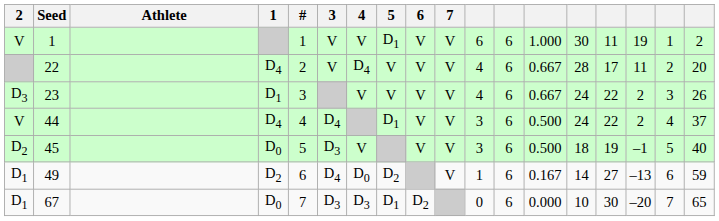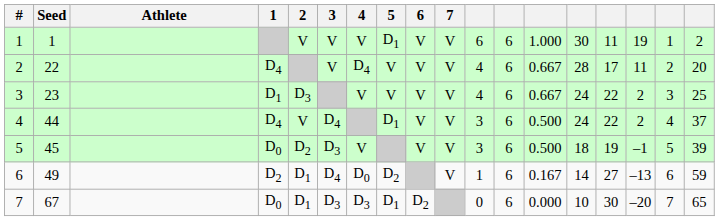 <table class="wikitable" style="text-align:center">
 <tr>
-<th width="25">2</th>
+<th width="25">#</th>
 <th width="25">Seed</th>
 <th width="200">Athlete</th>
 <th width="25">1</th>
-<th width="25">#</th>
+<th width="25">2</th>
 <th width="25">3</th>
 <th width="25">4</th>
 <th width="25">5</th>
 <th width="25">6</th>
 <th width="25">7</th>
 <th width="25"></th>
 <th width="25"></th>
 <th width="40"></th>
 <th width="25"></th>
 <th width="25"></th>
 <th width="25"></th>
 <th width="25"></th>
 <th width="25"></th>
 </tr>
 <tr bgcolor="#ccffcc">
-<td>V</td>
+<td>1</td>
 <td>1</td>
 <td align=left></td>
 <td bgcolor="#cccccc"></td>
-<td>1</td>
+<td>V</td>
 <td>V</td>
 <td>V</td>
 <td>D<sub>1</sub></td>
 <td>V</td>
 <td>V</td>
 <td>6</td>
 <td>6</td>
 <td>1.000</td>
 <td>30</td>
 <td>11</td>
 <td>19</td>
 <td>1</td>
 <td>2</td>
 </tr>
 <tr bgcolor="#ccffcc">
-<td bgcolor="#cccccc"></td>
+<td>2</td>
 <td>22</td>
 <td align=left></td>
 <td>D<sub>4</sub></td>
-<td>2</td>
+<td bgcolor="#cccccc"></td>
 <td>V</td>
 <td>D<sub>4</sub></td>
 <td>V</td>
 <td>V</td>
 <td>V</td>
 <td>4</td>
 <td>6</td>
 <td>0.667</td>
 <td>28</td>
 <td>17</td>
 <td>11</td>
 <td>2</td>
 <td>20</td>
 </tr>
 <tr bgcolor="#ccffcc">
-<td>D<sub>3</sub></td>
+<td>3</td>
 <td>23</td>
 <td align=left></td>
 <td>D<sub>1</sub></td>
-<td>3</td>
+<td>D<sub>3</sub></td>
 <td bgcolor="#cccccc"></td>
 <td>V</td>
 <td>V</td>
 <td>V</td>
 <td>V</td>
 <td>4</td>
 <td>6</td>
 <td>0.667</td>
 <td>24</td>
 <td>22</td>
 <td>2</td>
 <td>3</td>
-<td>26</td>
+<td>25</td>
 </tr>
 <tr bgcolor="#ccffcc">
-<td>V</td>
+<td>4</td>
 <td>44</td>
 <td align=left></td>
 <td>D<sub>4</sub></td>
-<td>4</td>
+<td>V</td>
 <td>D<sub>4</sub></td>
 <td bgcolor="#cccccc"></td>
 <td>D<sub>1</sub></td>
 <td>V</td>
 <td>V</td>
 <td>3</td>
 <td>6</td>
 <td>0.500</td>
 <td>24</td>
 <td>22</td>
 <td>2</td>
 <td>4</td>
 <td>37</td>
 </tr>
 <tr bgcolor="#ccffcc">
-<td>D<sub>2</sub></td>
+<td>5</td>
 <td>45</td>
 <td align=left></td>
 <td>D<sub>0</sub></td>
-<td>5</td>
+<td>D<sub>2</sub></td>
 <td>D<sub>3</sub></td>
 <td>V</td>
 <td bgcolor="#cccccc"></td>
 <td>V</td>
 <td>V</td>
 <td>3</td>
 <td>6</td>
 <td>0.500</td>
 <td>18</td>
 <td>19</td>
 <td>–1</td>
 <td>5</td>
-<td>40</td>
+<td>39</td>
 </tr>
 <tr>
-<td>D<sub>1</sub></td>
+<td>6</td>
 <td>49</td>
 <td align=left></td>
 <td>D<sub>2</sub></td>
-<td>6</td>
+<td>D<sub>1</sub></td>
 <td>D<sub>4</sub></td>
 <td>D<sub>0</sub></td>
 <td>D<sub>2</sub></td>
 <td bgcolor="#cccccc"></td>
 <td>V</td>
 <td>1</td>
 <td>6</td>
 <td>0.167</td>
 <td>14</td>
 <td>27</td>
 <td>–13</td>
 <td>6</td>
 <td>59</td>
 </tr>
 <tr>
-<td>D<sub>1</sub></td>
+<td>7</td>
 <td>67</td>
 <td align=left></td>
 <td>D<sub>0</sub></td>
-<td>7</td>
+<td>D<sub>1</sub></td>
 <td>D<sub>3</sub></td>
 <td>D<sub>3</sub></td>
 <td>D<sub>1</sub></td>
 <td>D<sub>2</sub></td>
 <td bgcolor="#cccccc"></td>
 <td>0</td>
 <td>6</td>
 <td>0.000</td>
 <td>10</td>
 <td>30</td>
 <td>–20</td>
 <td>7</td>
 <td>65</td>
 </tr>
 </table>
